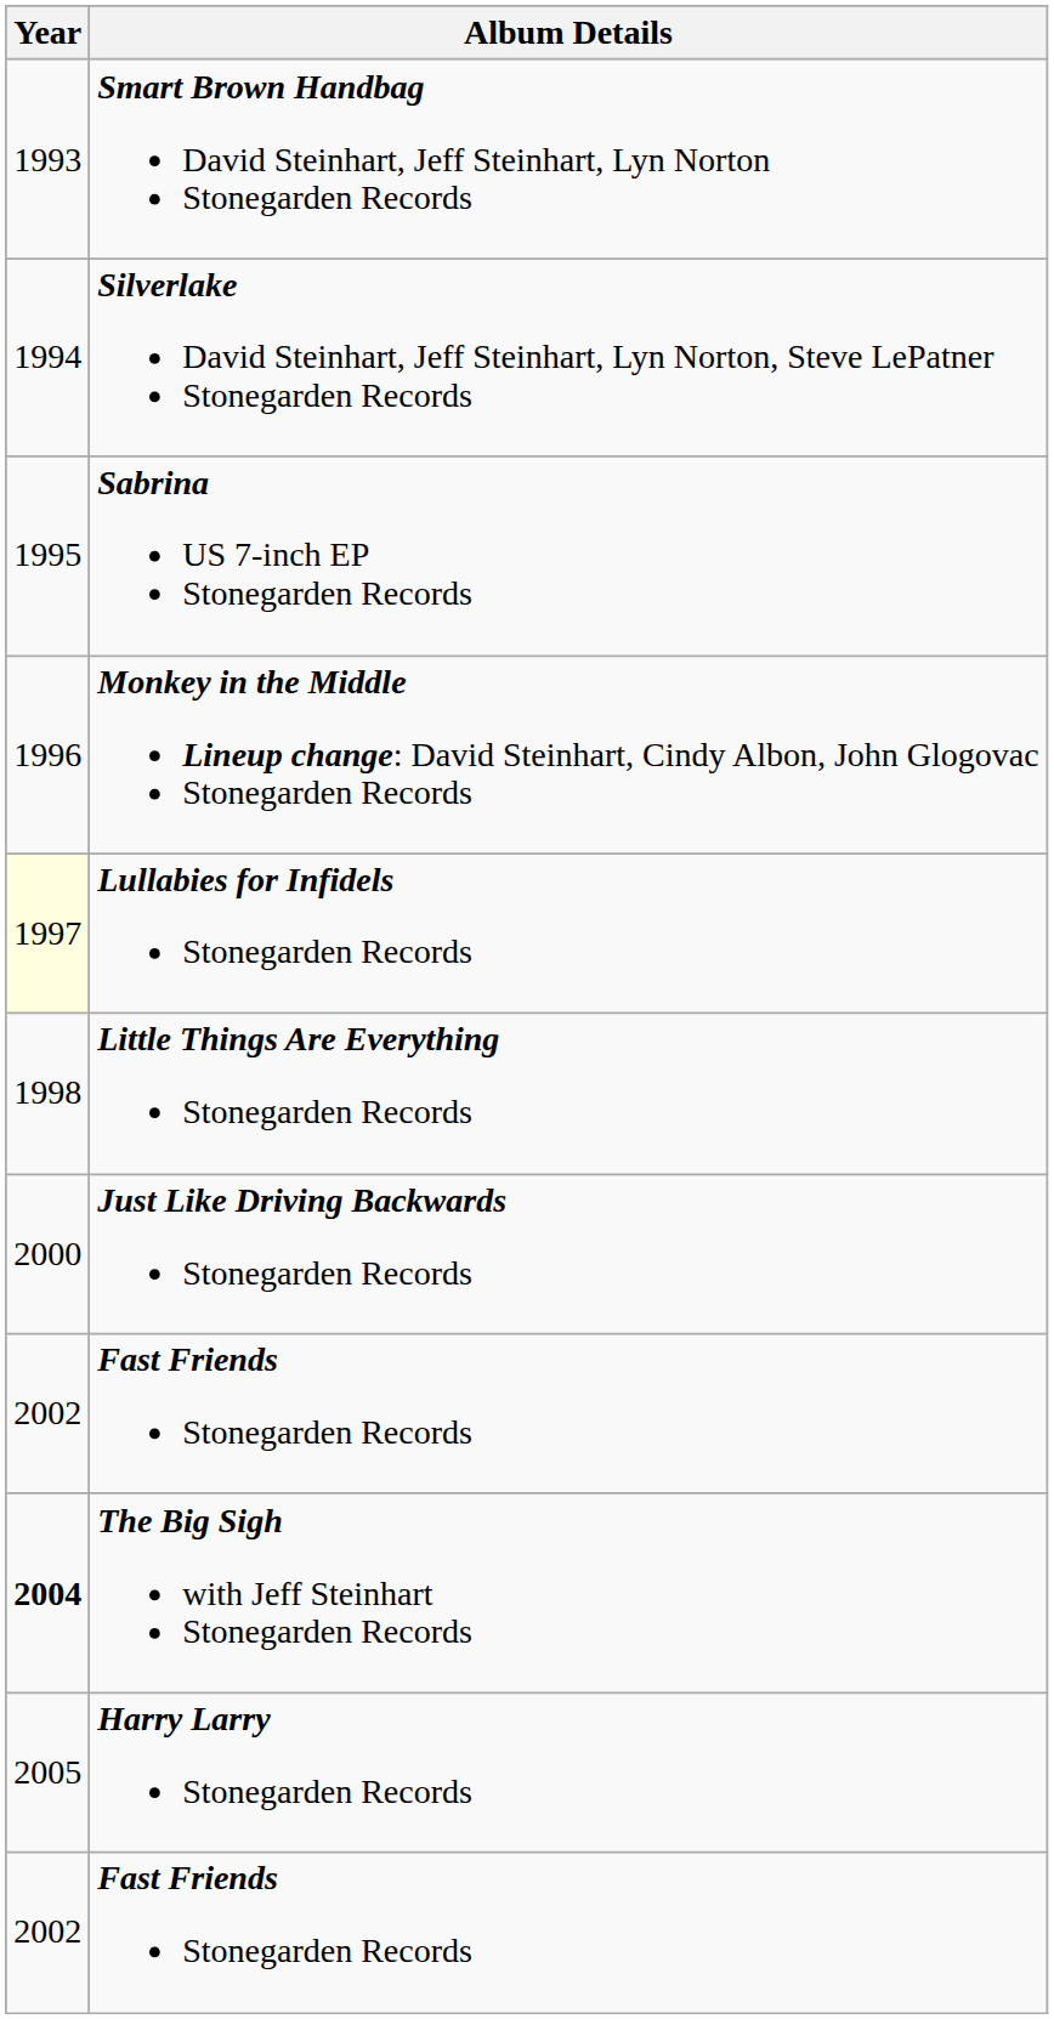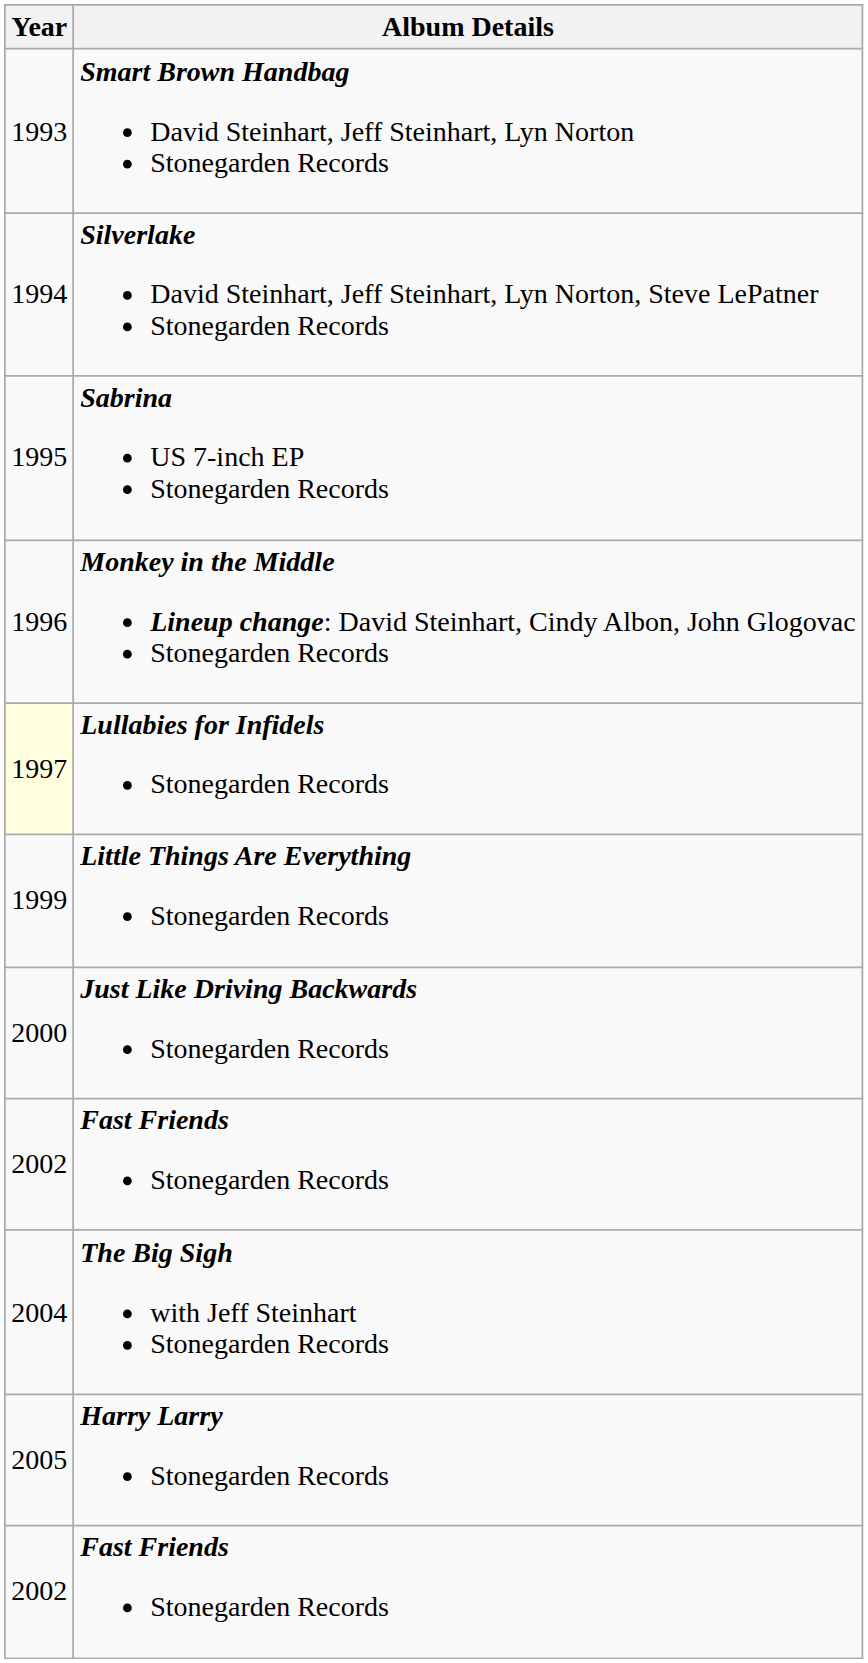 <table class="wikitable">
 <tr>
 <th>Year</th>
 <th>Album Details</th>
 </tr>
 <tr>
 <td>1993</td>
 <td><strong><em>Smart Brown Handbag</em></strong><br><ul><li>David Steinhart, Jeff Steinhart, Lyn Norton</li><li>Stonegarden Records</li></ul></td>
 </tr>
 <tr>
 <td>1994</td>
 <td><strong><em>Silverlake</em></strong><br><ul><li>David Steinhart, Jeff Steinhart, Lyn Norton, Steve LePatner</li><li>Stonegarden Records</li></ul></td>
 </tr>
 <tr>
 <td>1995</td>
 <td><strong><em>Sabrina</em></strong><br><ul><li>US 7-inch EP</li><li>Stonegarden Records</li></ul></td>
 </tr>
 <tr>
 <td>1996</td>
 <td><strong><em>Monkey in the Middle</em></strong><br><ul><li><strong><em>Lineup change</em></strong>: David Steinhart, Cindy Albon, John Glogovac</li><li>Stonegarden Records</li></ul></td>
 </tr>
 <tr>
 <td style="background: lightyellow;">1997</td>
 <td><strong><em>Lullabies for Infidels</em></strong><br><ul><li>Stonegarden Records</li></ul></td>
 </tr>
 <tr>
-<td>1998</td>
+<td>1999</td>
 <td><strong><em>Little Things Are Everything</em></strong><br><ul><li>Stonegarden Records</li></ul></td>
 </tr>
 <tr>
 <td>2000</td>
 <td><strong><em>Just Like Driving Backwards</em></strong><br><ul><li>Stonegarden Records</li></ul></td>
 </tr>
 <tr>
 <td>2002</td>
 <td><strong><em>Fast Friends</em></strong><br><ul><li>Stonegarden Records</li></ul></td>
 </tr>
 <tr>
-<td><strong>2004</strong></td>
+<td>2004</td>
 <td><strong><em>The Big Sigh</em></strong><br><ul><li>with Jeff Steinhart</li><li>Stonegarden Records</li></ul></td>
 </tr>
 <tr>
 <td>2005</td>
 <td><strong><em>Harry Larry</em></strong><br><ul><li>Stonegarden Records</li></ul></td>
 </tr>
 <tr>
 <td>2002</td>
 <td><strong><em>Fast Friends</em></strong><br><ul><li>Stonegarden Records</li></ul></td>
 </tr>
 <tr>
 </tr>
 </table>
